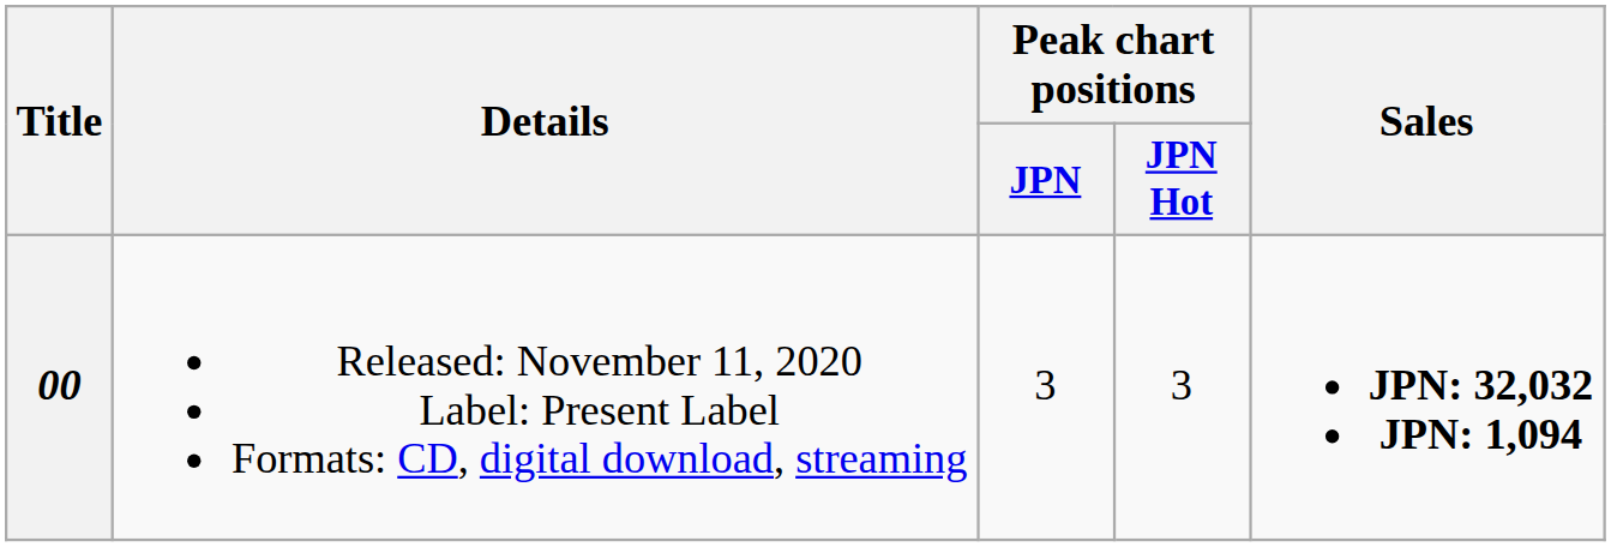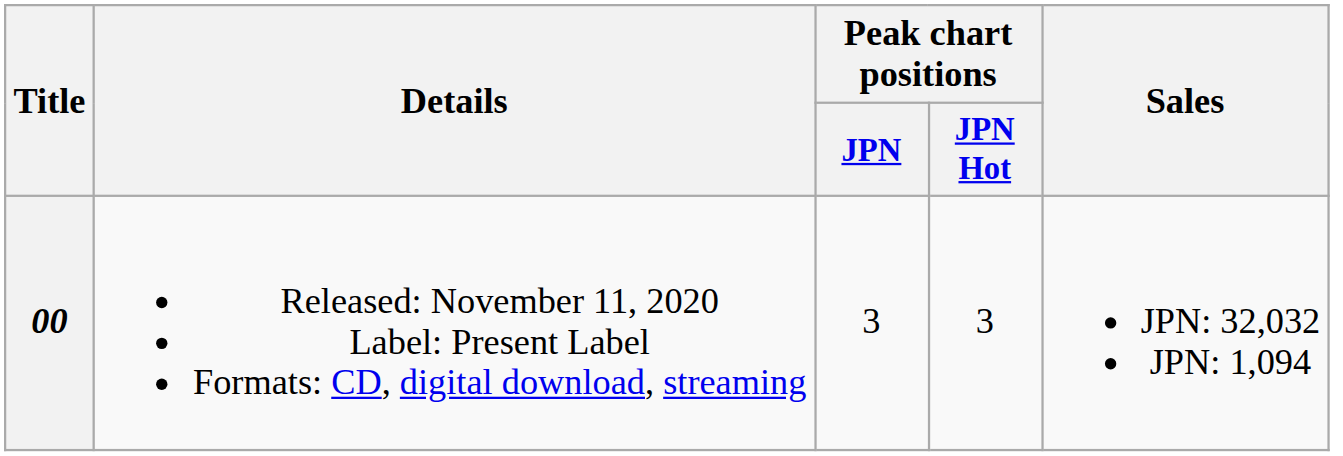 <table class="wikitable plainrowheaders" style="text-align:center;">
 <tr>
 <th scope="col" rowspan="2">Title</th>
 <th scope="col" rowspan="2">Details</th>
 <th scope="col" colspan="2">Peak chart positions</th>
 <th scope="col" rowspan="2">Sales</th>
 </tr>
 <tr>
 <th scope="col" style="width:3em;font-size:90%;"><a href='#'>JPN</a><br></th>
 <th scope="col" style="width:3em;font-size:90%;"><a href='#'>JPN<br>Hot</a><br></th>
 </tr>
 <tr>
 <th scope="row"><em>00</em></th>
 <td><br><ul><li>Released: November 11, 2020</li><li>Label: Present Label</li><li>Formats: <a href='#'>CD</a>, <a href='#'>digital download</a>, <a href='#'>streaming</a></li></ul></td>
 <td>3</td>
 <td>3</td>
-<td><strong><br><ul><li>JPN: 32,032 </li><li>JPN: 1,094 </li></ul></strong></td>
+<td><br><ul><li>JPN: 32,032 </li><li>JPN: 1,094 </li></ul></td>
 </tr>
 </table>
